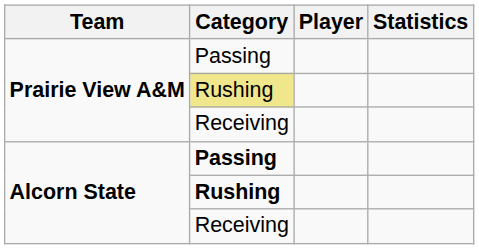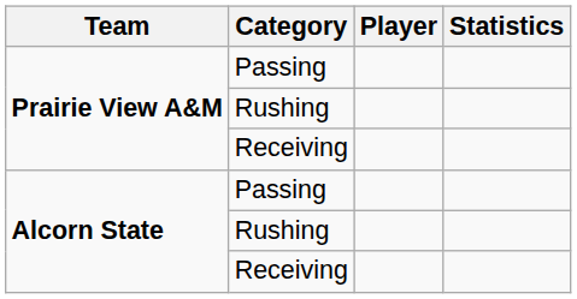 <table class="wikitable" style="float: left;">
 <tr>
 <th>Team</th>
 <th>Category</th>
 <th>Player</th>
 <th>Statistics</th>
 </tr>
 <tr>
 <td rowspan=3><strong>Prairie View A&M</strong></td>
 <td>Passing</td>
 <td> </td>
 <td> </td>
 </tr>
 <tr>
-<td style="background: khaki;">Rushing</td>
+<td>Rushing</td>
 <td> </td>
 <td> </td>
 </tr>
 <tr>
 <td>Receiving</td>
 <td> </td>
 <td> </td>
 </tr>
 <tr>
 <td rowspan=3><strong>Alcorn State</strong></td>
-<td><strong>Passing</strong></td>
+<td>Passing</td>
 <td> </td>
 <td> </td>
 </tr>
 <tr>
-<td><strong>Rushing</strong></td>
+<td>Rushing</td>
 <td> </td>
 <td> </td>
 </tr>
 <tr>
 <td>Receiving</td>
 <td> </td>
 <td> </td>
 </tr>
 </table>
